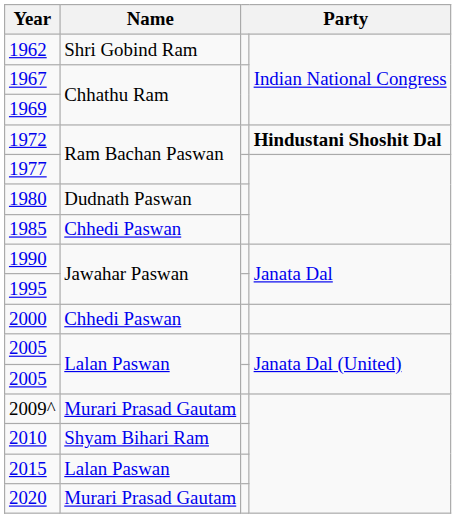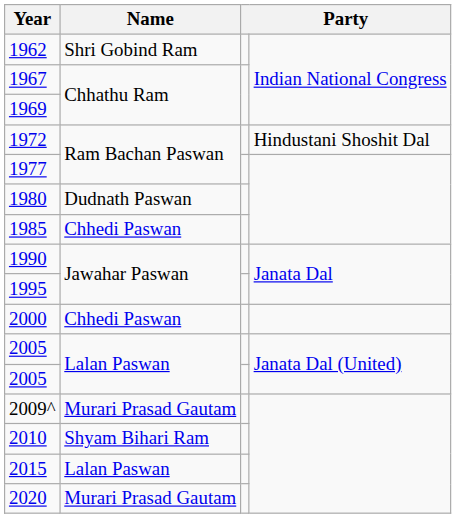 <table class="wikitable sortable">
 <tr>
 <th>Year</th>
 <th>Name</th>
 <th colspan="2">Party</th>
 </tr>
 <tr>
 <td><a href='#'>1962</a></td>
 <td>Shri Gobind Ram</td>
 <td style="background-color: "></td>
 <td rowspan="3"><a href='#'>Indian National Congress</a></td>
 </tr>
 <tr>
 <td><a href='#'>1967</a></td>
 <td rowspan="2">Chhathu Ram</td>
 </tr>
 <tr>
 <td><a href='#'>1969</a></td>
 </tr>
 <tr>
 <td><a href='#'>1972</a></td>
 <td rowspan="2">Ram Bachan Paswan</td>
 <td style="background-color: "></td>
-<td><strong>Hindustani Shoshit Dal</strong></td>
+<td>Hindustani Shoshit Dal</td>
 </tr>
 <tr>
 <td><a href='#'>1977</a></td>
 <td></td>
 </tr>
 <tr>
 <td><a href='#'>1980</a></td>
 <td>Dudnath Paswan</td>
 <td></td>
 </tr>
 <tr>
 <td><a href='#'>1985</a></td>
 <td><a href='#'>Chhedi Paswan</a></td>
 <td></td>
 </tr>
 <tr>
 <td><a href='#'>1990</a></td>
 <td rowspan="2">Jawahar Paswan</td>
 <td style="background-color: "></td>
 <td rowspan="2"><a href='#'>Janata Dal</a></td>
 </tr>
 <tr>
 <td><a href='#'>1995</a></td>
 </tr>
 <tr>
 <td><a href='#'>2000</a></td>
 <td><a href='#'>Chhedi Paswan</a></td>
 <td></td>
 </tr>
 <tr>
 <td><a href='#'>2005</a></td>
 <td rowspan="2"><a href='#'>Lalan Paswan</a></td>
 <td style="background-color: "></td>
 <td rowspan="2"><a href='#'>Janata Dal (United)</a></td>
 </tr>
 <tr>
 <td><a href='#'>2005</a></td>
 </tr>
 <tr>
 <td>2009^</td>
 <td><a href='#'>Murari Prasad Gautam</a></td>
 <td></td>
 </tr>
 <tr>
 <td><a href='#'>2010</a></td>
 <td><a href='#'>Shyam Bihari Ram</a></td>
 <td></td>
 </tr>
 <tr>
 <td><a href='#'>2015</a></td>
 <td><a href='#'>Lalan Paswan</a></td>
 <td></td>
 </tr>
 <tr>
 <td><a href='#'>2020</a></td>
 <td><a href='#'>Murari Prasad Gautam</a></td>
 <td></td>
 </tr>
 </table>
